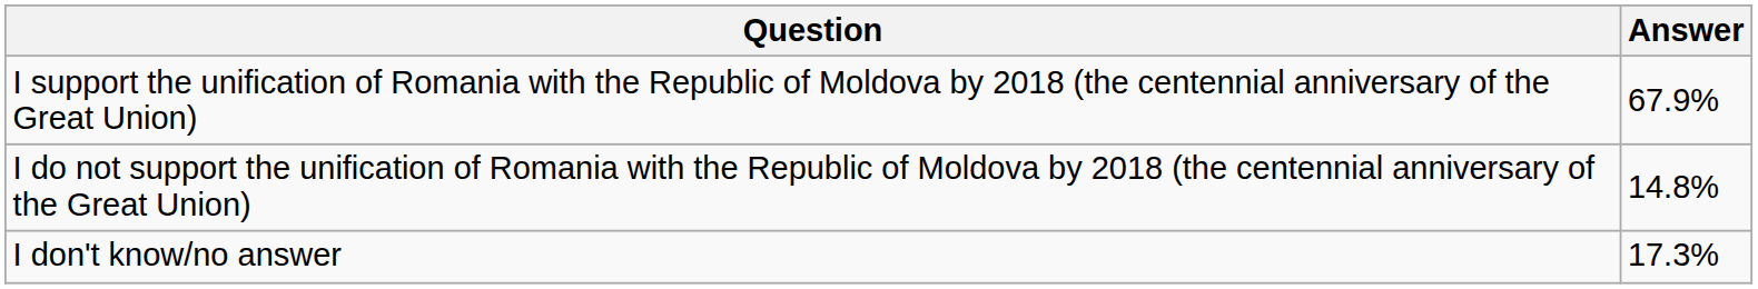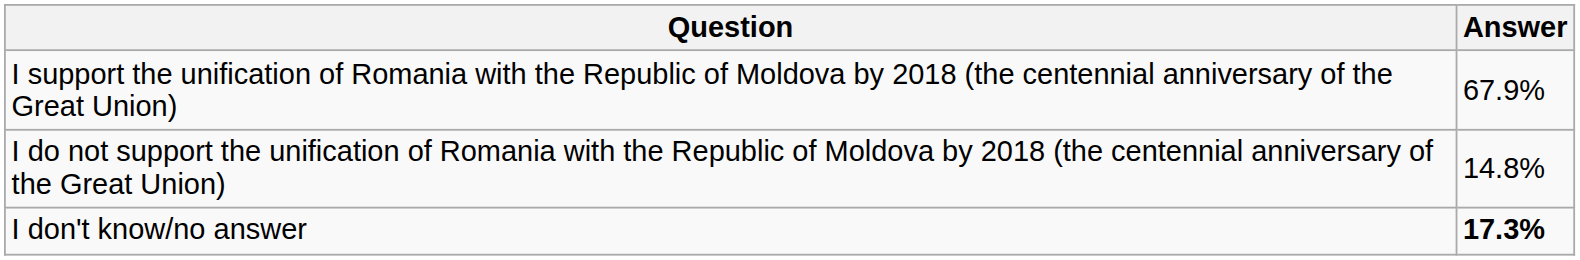 <table class="wikitable">
 <tr>
 <th>Question</th>
 <th>Answer</th>
 </tr>
 <tr>
 <td>I support the unification of Romania with the Republic of Moldova by 2018 (the centennial anniversary of the Great Union)</td>
 <td>67.9%</td>
 </tr>
 <tr>
 <td>I do not support the unification of Romania with the Republic of Moldova by 2018 (the centennial anniversary of the Great Union)</td>
 <td>14.8%</td>
 </tr>
 <tr>
 <td>I don't know/no answer</td>
-<td>17.3%</td>
+<td><strong>17.3%</strong></td>
 </tr>
 </table>
